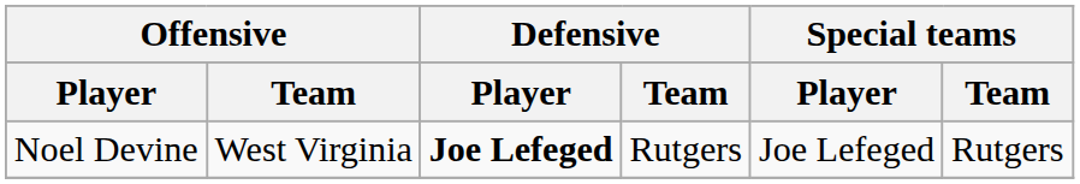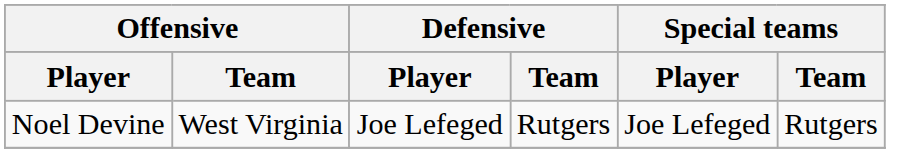 <table class="wikitable" border="1">
 <tr>
 <th colspan="2">Offensive</th>
 <th colspan="2">Defensive</th>
 <th colspan="2">Special teams</th>
 </tr>
 <tr>
 <th>Player</th>
 <th>Team</th>
 <th>Player</th>
 <th>Team</th>
 <th>Player</th>
 <th>Team</th>
 </tr>
 <tr>
 <td>Noel Devine</td>
 <td>West Virginia</td>
-<td><strong>Joe Lefeged</strong></td>
+<td>Joe Lefeged</td>
 <td>Rutgers</td>
 <td>Joe Lefeged</td>
 <td>Rutgers</td>
 </tr>
 <tr>
 </tr>
 </table>
